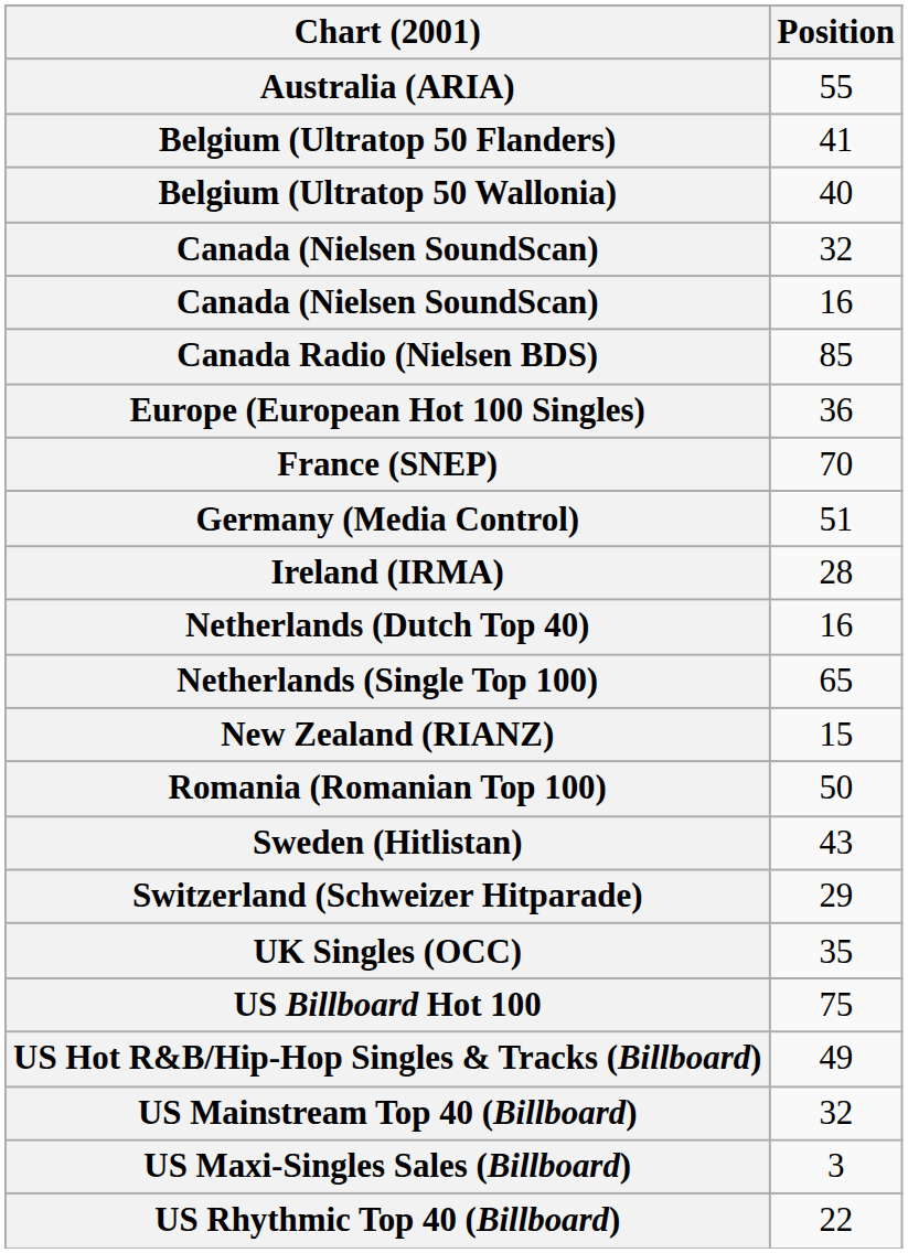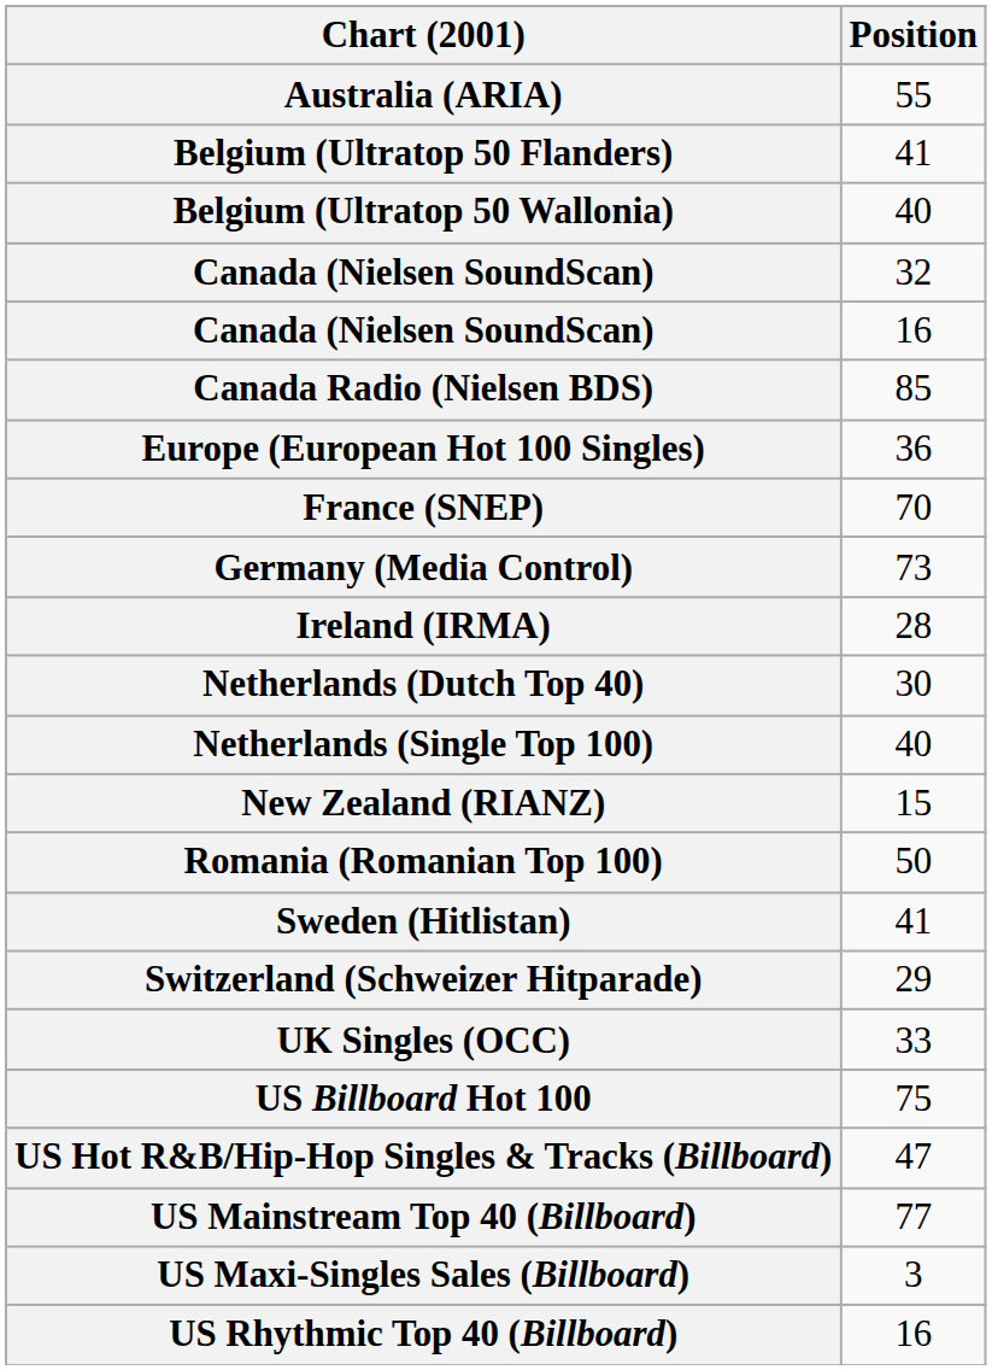 <table class="wikitable sortable plainrowheaders" style="text-align:center">
 <tr>
 <th scope="col">Chart (2001)</th>
 <th scope="col">Position</th>
 </tr>
 <tr>
 <th scope="row">Australia (ARIA)</th>
 <td>55</td>
 </tr>
 <tr>
 <th scope="row">Belgium (Ultratop 50 Flanders)</th>
 <td>41</td>
 </tr>
 <tr>
 <th scope="row">Belgium (Ultratop 50 Wallonia)</th>
 <td>40</td>
 </tr>
 <tr>
 <th scope="row">Canada (Nielsen SoundScan)</th>
 <td>32</td>
 </tr>
 <tr>
 <th scope="row">Canada (Nielsen SoundScan)<br></th>
 <td>16</td>
 </tr>
 <tr>
 <th scope="row">Canada Radio (Nielsen BDS)</th>
 <td>85</td>
 </tr>
 <tr>
 <th scope="row">Europe (European Hot 100 Singles)</th>
 <td>36</td>
 </tr>
 <tr>
 <th scope="row">France (SNEP)</th>
 <td>70</td>
 </tr>
 <tr>
 <th scope="row">Germany (Media Control)</th>
-<td>51</td>
+<td>73</td>
 </tr>
 <tr>
 <th scope="row">Ireland (IRMA)</th>
 <td>28</td>
 </tr>
 <tr>
 <th scope="row">Netherlands (Dutch Top 40)</th>
-<td>16</td>
+<td>30</td>
 </tr>
 <tr>
 <th scope="row">Netherlands (Single Top 100)</th>
-<td>65</td>
+<td>40</td>
 </tr>
 <tr>
 <th scope="row">New Zealand (RIANZ)</th>
 <td>15</td>
 </tr>
 <tr>
 <th scope="row">Romania (Romanian Top 100)</th>
 <td>50</td>
 </tr>
 <tr>
 <th scope="row">Sweden (Hitlistan)</th>
-<td>43</td>
+<td>41</td>
 </tr>
 <tr>
 <th scope="row">Switzerland (Schweizer Hitparade)</th>
 <td>29</td>
 </tr>
 <tr>
 <th scope="row">UK Singles (OCC)</th>
-<td>35</td>
+<td>33</td>
 </tr>
 <tr>
 <th scope="row">US <em>Billboard</em> Hot 100</th>
 <td>75</td>
 </tr>
 <tr>
 <th scope="row">US Hot R&B/Hip-Hop Singles & Tracks (<em>Billboard</em>)</th>
-<td>49</td>
+<td>47</td>
 </tr>
 <tr>
 <th scope="row">US Mainstream Top 40 (<em>Billboard</em>)</th>
-<td>32</td>
+<td>77</td>
 </tr>
 <tr>
 <th scope="row">US Maxi-Singles Sales (<em>Billboard</em>)</th>
 <td>3</td>
 </tr>
 <tr>
 <th scope="row">US Rhythmic Top 40 (<em>Billboard</em>)</th>
-<td>22</td>
+<td>16</td>
 </tr>
 </table>
